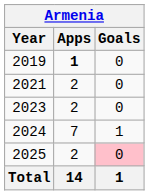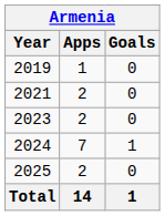 <table class="wikitable" style="text-align:center">
 <tr>
 <th colspan=8><a href='#'>Armenia</a></th>
 </tr>
 <tr>
 <th>Year</th>
 <th>Apps</th>
 <th>Goals</th>
 </tr>
 <tr>
 <td>2019</td>
-<td><strong>1</strong></td>
+<td>1</td>
 <td>0</td>
 </tr>
 <tr>
 <td>2021</td>
 <td>2</td>
 <td>0</td>
 </tr>
 <tr>
 <td>2023</td>
 <td>2</td>
 <td>0</td>
 </tr>
 <tr>
 <td>2024</td>
 <td>7</td>
 <td>1</td>
 </tr>
 <tr>
 <td>2025</td>
 <td>2</td>
-<td style="background: pink;">0</td>
+<td>0</td>
 </tr>
 <tr>
 <th>Total</th>
 <th>14</th>
 <th>1</th>
 </tr>
 </table>
